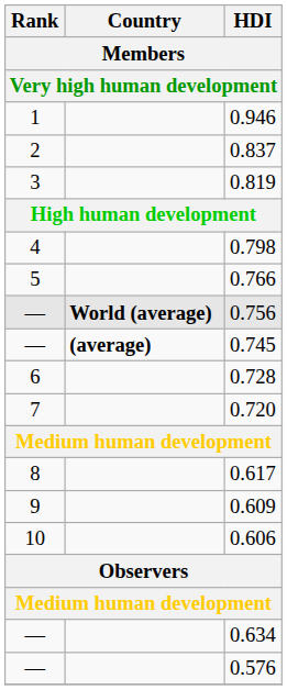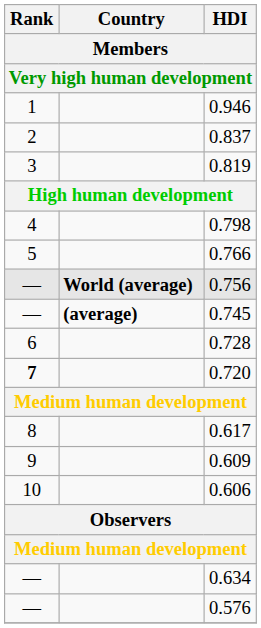 <table class="wikitable sortable" style="text-align:center">
 <tr>
 <th>Rank</th>
 <th>Country</th>
 <th>HDI</th>
 </tr>
 <tr>
 <th colspan="3">Members</th>
 </tr>
 <tr>
 <th colspan="3" style="color:#090;">Very high human development</th>
 </tr>
 <tr>
 <td>1</td>
 <td style="text-align:left"></td>
 <td>0.946</td>
 </tr>
 <tr>
 <td>2</td>
 <td style="text-align:left"></td>
 <td>0.837</td>
 </tr>
 <tr>
 <td>3</td>
 <td style="text-align:left"></td>
 <td>0.819</td>
 </tr>
 <tr>
 <th colspan="3" style="color:#0c0;">High human development</th>
 </tr>
 <tr>
 <td>4</td>
 <td style="text-align:left"></td>
 <td>0.798</td>
 </tr>
 <tr>
 <td>5</td>
 <td style="text-align:left"></td>
 <td>0.766</td>
 </tr>
 <tr style="background:#e6e6e6">
 <td>―</td>
 <td style="text-align:left"><strong>World (average)</strong></td>
 <td>0.756</td>
 </tr>
 <tr>
 <td>―</td>
 <td style="text-align:left"><strong> (average)</strong></td>
 <td>0.745</td>
 </tr>
 <tr>
 <td>6</td>
 <td style="text-align:left"></td>
 <td>0.728</td>
 </tr>
 <tr>
-<td>7</td>
+<td><strong>7</strong></td>
 <td style="text-align:left"></td>
 <td>0.720</td>
 </tr>
 <tr>
 <th colspan="3" style="color:#fc0;">Medium human development</th>
 </tr>
 <tr>
 <td>8</td>
 <td style="text-align:left"></td>
 <td>0.617</td>
 </tr>
 <tr>
 <td>9</td>
 <td style="text-align:left"></td>
 <td>0.609</td>
 </tr>
 <tr>
 <td>10</td>
 <td style="text-align:left"></td>
 <td>0.606</td>
 </tr>
 <tr>
 <th colspan="3">Observers</th>
 </tr>
 <tr>
 <th colspan="3" style="color:#fc0;">Medium human development</th>
 </tr>
 <tr>
 <td>—</td>
 <td style="text-align:left"></td>
 <td>0.634</td>
 </tr>
 <tr>
 <td>—</td>
 <td style="text-align:left"></td>
 <td>0.576</td>
 </tr>
 <tr>
 </tr>
 </table>
